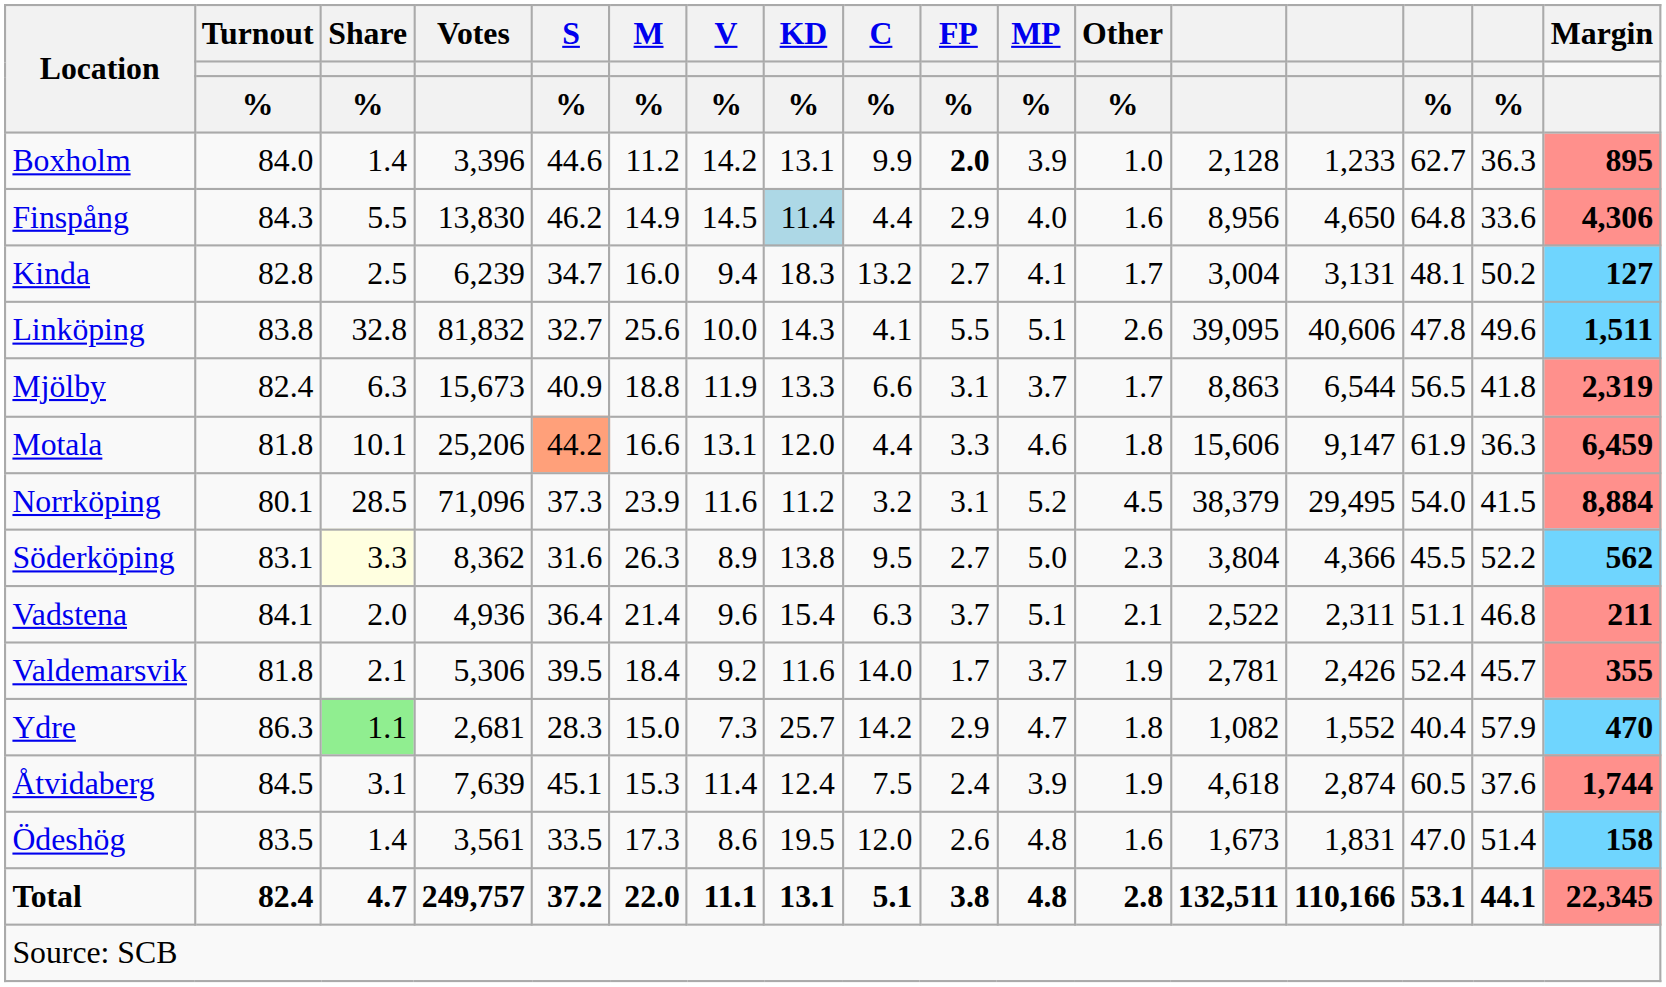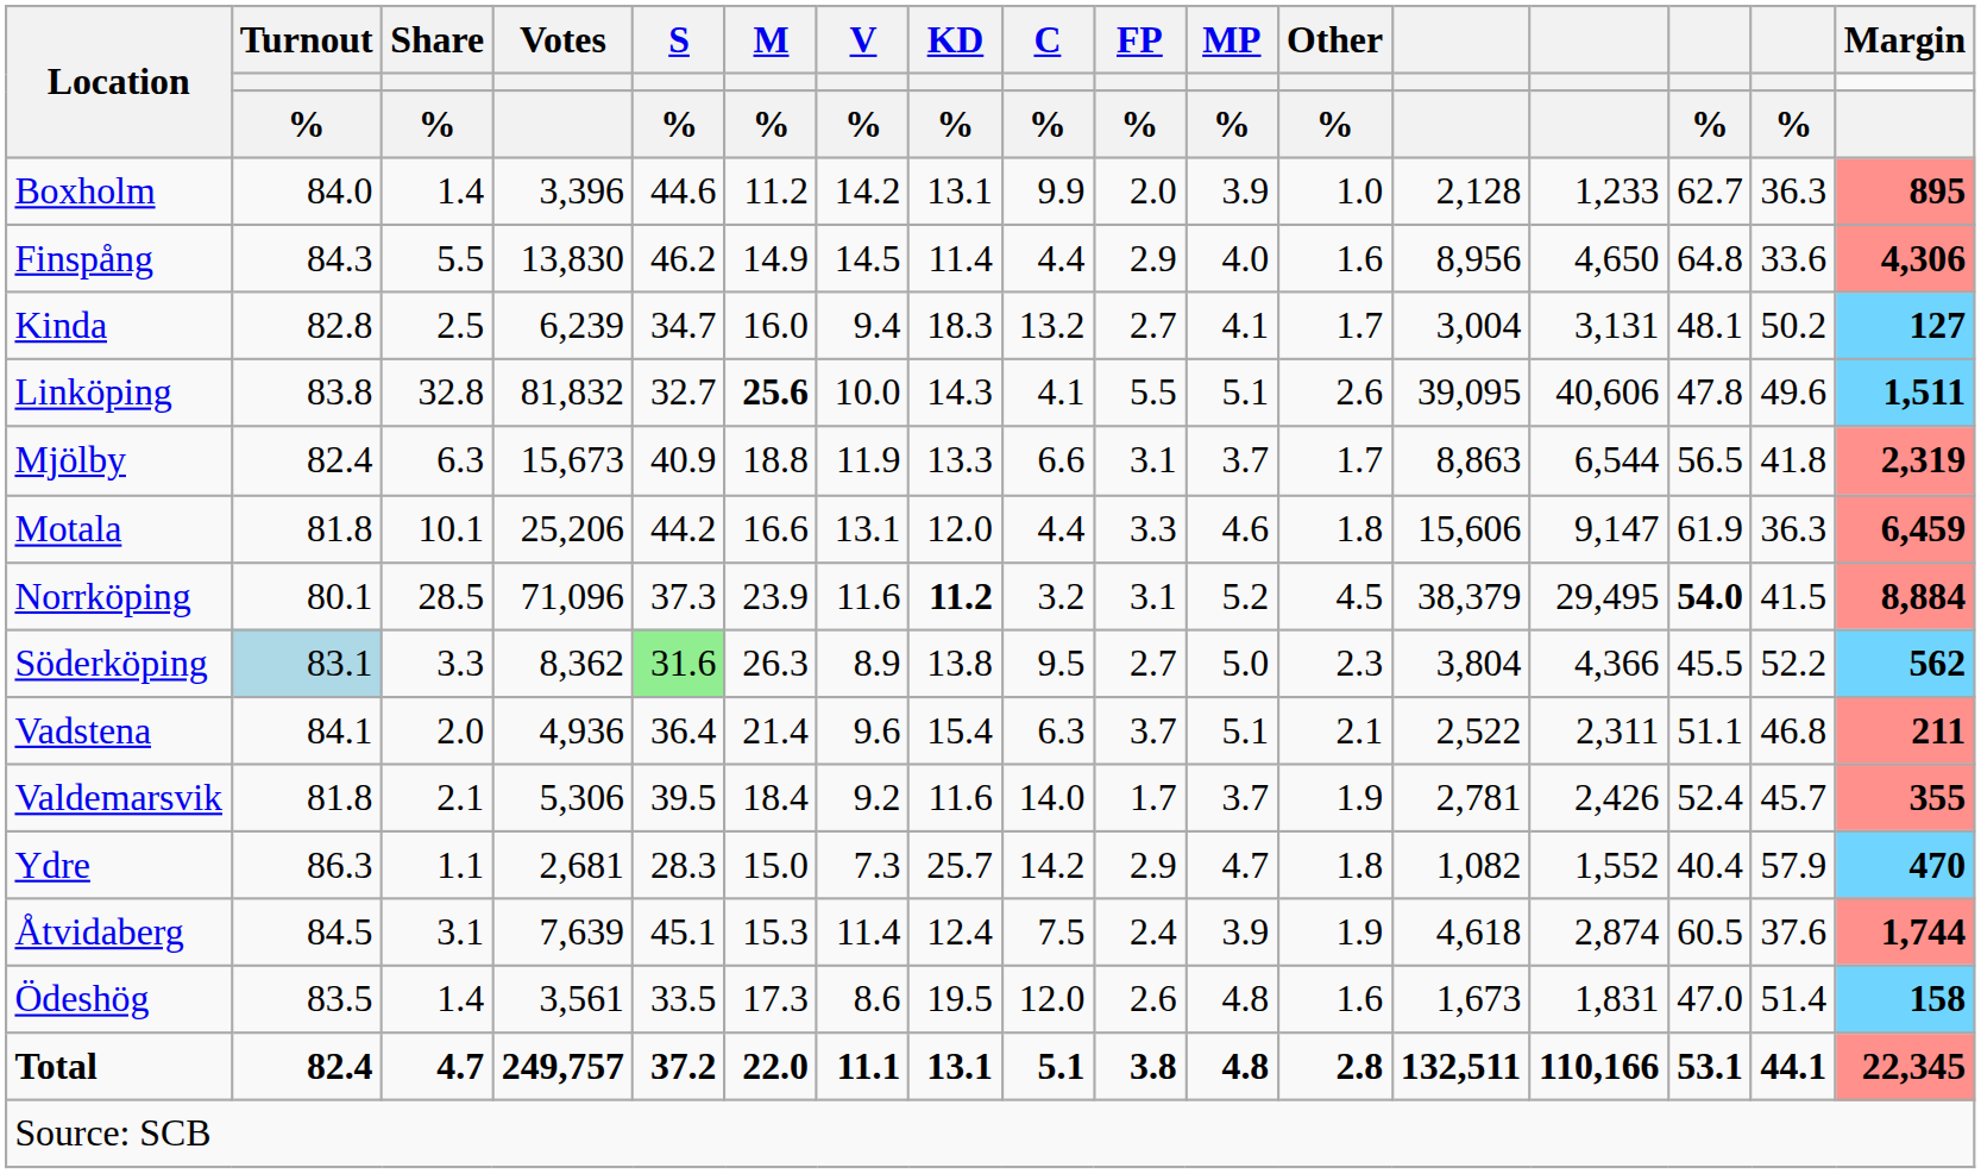 <table class="wikitable sortable" style="text-align:right; font-size:95%; line-height:20px;">
 <tr>
 <th rowspan="3">Location</th>
 <th>Turnout</th>
 <th>Share</th>
 <th>Votes</th>
 <th width="30px" class="unsortable"><a href='#'>S</a></th>
 <th width="30px" class="unsortable"><a href='#'>M</a></th>
 <th width="30px" class="unsortable"><a href='#'>V</a></th>
 <th width="30px" class="unsortable"><a href='#'>KD</a></th>
 <th width="30px" class="unsortable"><a href='#'>C</a></th>
 <th width="30px" class="unsortable"><a href='#'>FP</a></th>
 <th width="30px" class="unsortable"><a href='#'>MP</a></th>
 <th width="30px" class="unsortable">Other</th>
 <th></th>
 <th></th>
 <th></th>
 <th></th>
 <th>Margin</th>
 </tr>
 <tr>
 <th></th>
 <th></th>
 <th></th>
 <th style="background:"></th>
 <th style="background:"></th>
 <th style="background:"></th>
 <th style="background:"></th>
 <th style="background:"></th>
 <th style="background:"></th>
 <th style="background:"></th>
 <th style="background:"></th>
 <th style="background:"></th>
 <th style="background:"></th>
 <th style="background:"></th>
 <th style="background:"></th>
 </tr>
 <tr>
 <th data-sort-type="number">%</th>
 <th data-sort-type="number">%</th>
 <th></th>
 <th data-sort-type="number">%</th>
 <th data-sort-type="number">%</th>
 <th data-sort-type="number">%</th>
 <th data-sort-type="number">%</th>
 <th data-sort-type="number">%</th>
 <th data-sort-type="number">%</th>
 <th data-sort-type="number">%</th>
 <th data-sort-type="number">%</th>
 <th data-sort-type="number"></th>
 <th data-sort-type="number"></th>
 <th data-sort-type="number">%</th>
 <th data-sort-type="number">%</th>
 <th data-sort-type="number"></th>
 </tr>
 <tr>
 <td align=left><a href='#'>Boxholm</a></td>
 <td>84.0</td>
 <td>1.4</td>
 <td>3,396</td>
 <td>44.6</td>
 <td>11.2</td>
 <td>14.2</td>
 <td>13.1</td>
 <td>9.9</td>
-<td><strong>2.0</strong></td>
+<td>2.0</td>
 <td>3.9</td>
 <td>1.0</td>
 <td>2,128</td>
 <td>1,233</td>
 <td>62.7</td>
 <td>36.3</td>
 <td bgcolor=#ff908c><strong>895</strong></td>
 </tr>
 <tr>
 <td align=left><a href='#'>Finspång</a></td>
 <td>84.3</td>
 <td>5.5</td>
 <td>13,830</td>
 <td>46.2</td>
 <td>14.9</td>
 <td>14.5</td>
-<td style="background: lightblue;">11.4</td>
+<td>11.4</td>
 <td>4.4</td>
 <td>2.9</td>
 <td>4.0</td>
 <td>1.6</td>
 <td>8,956</td>
 <td>4,650</td>
 <td>64.8</td>
 <td>33.6</td>
 <td bgcolor=#ff908c><strong>4,306</strong></td>
 </tr>
 <tr>
 <td align=left><a href='#'>Kinda</a></td>
 <td>82.8</td>
 <td>2.5</td>
 <td>6,239</td>
 <td>34.7</td>
 <td>16.0</td>
 <td>9.4</td>
 <td>18.3</td>
 <td>13.2</td>
 <td>2.7</td>
 <td>4.1</td>
 <td>1.7</td>
 <td>3,004</td>
 <td>3,131</td>
 <td>48.1</td>
 <td>50.2</td>
 <td bgcolor=#6fd5fe><strong>127</strong></td>
 </tr>
 <tr>
 <td align=left><a href='#'>Linköping</a></td>
 <td>83.8</td>
 <td>32.8</td>
 <td>81,832</td>
 <td>32.7</td>
-<td>25.6</td>
+<td><strong>25.6</strong></td>
 <td>10.0</td>
 <td>14.3</td>
 <td>4.1</td>
 <td>5.5</td>
 <td>5.1</td>
 <td>2.6</td>
 <td>39,095</td>
 <td>40,606</td>
 <td>47.8</td>
 <td>49.6</td>
 <td bgcolor=#6fd5fe><strong>1,511</strong></td>
 </tr>
 <tr>
 <td align=left><a href='#'>Mjölby</a></td>
 <td>82.4</td>
 <td>6.3</td>
 <td>15,673</td>
 <td>40.9</td>
 <td>18.8</td>
 <td>11.9</td>
 <td>13.3</td>
 <td>6.6</td>
 <td>3.1</td>
 <td>3.7</td>
 <td>1.7</td>
 <td>8,863</td>
 <td>6,544</td>
 <td>56.5</td>
 <td>41.8</td>
 <td bgcolor=#ff908c><strong>2,319</strong></td>
 </tr>
 <tr>
 <td align=left><a href='#'>Motala</a></td>
 <td>81.8</td>
 <td>10.1</td>
 <td>25,206</td>
-<td style="background: lightsalmon;">44.2</td>
+<td>44.2</td>
 <td>16.6</td>
 <td>13.1</td>
 <td>12.0</td>
 <td>4.4</td>
 <td>3.3</td>
 <td>4.6</td>
 <td>1.8</td>
 <td>15,606</td>
 <td>9,147</td>
 <td>61.9</td>
 <td>36.3</td>
 <td bgcolor=#ff908c><strong>6,459</strong></td>
 </tr>
 <tr>
 <td align=left><a href='#'>Norrköping</a></td>
 <td>80.1</td>
 <td>28.5</td>
 <td>71,096</td>
 <td>37.3</td>
 <td>23.9</td>
 <td>11.6</td>
-<td>11.2</td>
+<td><strong>11.2</strong></td>
 <td>3.2</td>
 <td>3.1</td>
 <td>5.2</td>
 <td>4.5</td>
 <td>38,379</td>
 <td>29,495</td>
-<td>54.0</td>
+<td><strong>54.0</strong></td>
 <td>41.5</td>
 <td bgcolor=#ff908c><strong>8,884</strong></td>
 </tr>
 <tr>
 <td align=left><a href='#'>Söderköping</a></td>
-<td>83.1</td>
-<td style="background: lightyellow;">3.3</td>
+<td style="background: lightblue;">83.1</td>
+<td>3.3</td>
 <td>8,362</td>
-<td>31.6</td>
+<td style="background: lightgreen;">31.6</td>
 <td>26.3</td>
 <td>8.9</td>
 <td>13.8</td>
 <td>9.5</td>
 <td>2.7</td>
 <td>5.0</td>
 <td>2.3</td>
 <td>3,804</td>
 <td>4,366</td>
 <td>45.5</td>
 <td>52.2</td>
 <td bgcolor=#6fd5fe><strong>562</strong></td>
 </tr>
 <tr>
 <td align=left><a href='#'>Vadstena</a></td>
 <td>84.1</td>
 <td>2.0</td>
 <td>4,936</td>
 <td>36.4</td>
 <td>21.4</td>
 <td>9.6</td>
 <td>15.4</td>
 <td>6.3</td>
 <td>3.7</td>
 <td>5.1</td>
 <td>2.1</td>
 <td>2,522</td>
 <td>2,311</td>
 <td>51.1</td>
 <td>46.8</td>
 <td bgcolor=#ff908c><strong>211</strong></td>
 </tr>
 <tr>
 <td align=left><a href='#'>Valdemarsvik</a></td>
 <td>81.8</td>
 <td>2.1</td>
 <td>5,306</td>
 <td>39.5</td>
 <td>18.4</td>
 <td>9.2</td>
 <td>11.6</td>
 <td>14.0</td>
 <td>1.7</td>
 <td>3.7</td>
 <td>1.9</td>
 <td>2,781</td>
 <td>2,426</td>
 <td>52.4</td>
 <td>45.7</td>
 <td bgcolor=#ff908c><strong>355</strong></td>
 </tr>
 <tr>
 <td align=left><a href='#'>Ydre</a></td>
 <td>86.3</td>
-<td style="background: lightgreen;">1.1</td>
+<td>1.1</td>
 <td>2,681</td>
 <td>28.3</td>
 <td>15.0</td>
 <td>7.3</td>
 <td>25.7</td>
 <td>14.2</td>
 <td>2.9</td>
 <td>4.7</td>
 <td>1.8</td>
 <td>1,082</td>
 <td>1,552</td>
 <td>40.4</td>
 <td>57.9</td>
 <td bgcolor=#6fd5fe><strong>470</strong></td>
 </tr>
 <tr>
 <td align=left><a href='#'>Åtvidaberg</a></td>
 <td>84.5</td>
 <td>3.1</td>
 <td>7,639</td>
 <td>45.1</td>
 <td>15.3</td>
 <td>11.4</td>
 <td>12.4</td>
 <td>7.5</td>
 <td>2.4</td>
 <td>3.9</td>
 <td>1.9</td>
 <td>4,618</td>
 <td>2,874</td>
 <td>60.5</td>
 <td>37.6</td>
 <td bgcolor=#ff908c><strong>1,744</strong></td>
 </tr>
 <tr>
 <td align=left><a href='#'>Ödeshög</a></td>
 <td>83.5</td>
 <td>1.4</td>
 <td>3,561</td>
 <td>33.5</td>
 <td>17.3</td>
 <td>8.6</td>
 <td>19.5</td>
 <td>12.0</td>
 <td>2.6</td>
 <td>4.8</td>
 <td>1.6</td>
 <td>1,673</td>
 <td>1,831</td>
 <td>47.0</td>
 <td>51.4</td>
 <td bgcolor=#6fd5fe><strong>158</strong></td>
 </tr>
 <tr>
 <td align=left><strong>Total</strong></td>
 <td><strong>82.4</strong></td>
 <td><strong>4.7</strong></td>
 <td><strong>249,757</strong></td>
 <td><strong>37.2</strong></td>
 <td><strong>22.0</strong></td>
 <td><strong>11.1</strong></td>
 <td><strong>13.1</strong></td>
 <td><strong>5.1</strong></td>
 <td><strong>3.8</strong></td>
 <td><strong>4.8</strong></td>
 <td><strong>2.8</strong></td>
 <td><strong>132,511</strong></td>
 <td><strong>110,166</strong></td>
 <td><strong>53.1</strong></td>
 <td><strong>44.1</strong></td>
 <td bgcolor=#ff908c><strong>22,345</strong></td>
 </tr>
 <tr>
 <td align=left colspan=17>Source: SCB </td>
 </tr>
 </table>
